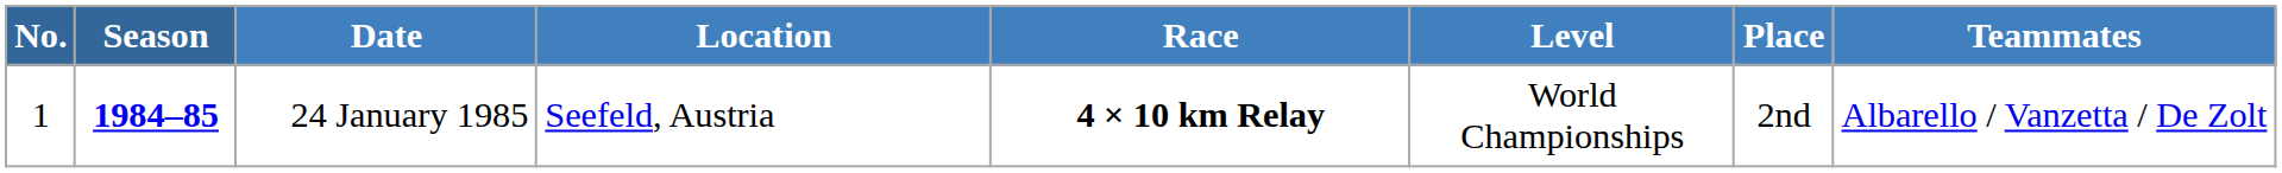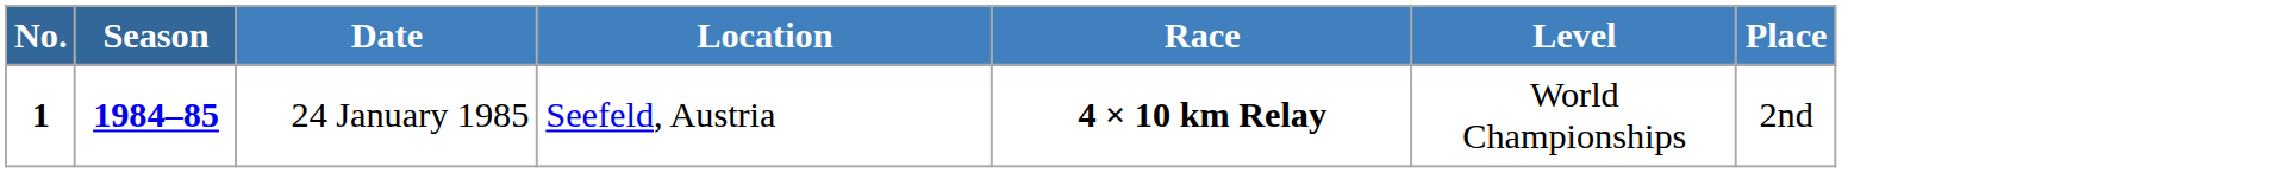 <table class="wikitable sortable" style="font-size:95%; text-align:center; border:grey solid 1px; border-collapse:collapse; background:#ffffff;">
 <tr style="background:#efefef;">
 <th style="background-color:#369; color:white;">No.</th>
 <th style="background-color:#369; color:white;">Season</th>
 <th style="background-color:#4180be; color:white; width:120px;">Date</th>
 <th style="background-color:#4180be; color:white; width:185px;">Location</th>
 <th style="background-color:#4180be; color:white; width:170px;">Race</th>
 <th style="background-color:#4180be; color:white; width:130px;">Level</th>
 <th style="background-color:#4180be; color:white;">Place</th>
-<th style="background-color:#4180be; color:white;">Teammates</th>
 </tr>
 <tr>
-<td align=center>1</td>
+<td align=center><strong>1</strong></td>
 <td rowspan=1 align=center><strong> <a href='#'>1984–85</a> </strong></td>
 <td align=right>24 January 1985</td>
 <td align=left> <a href='#'>Seefeld</a>, Austria</td>
 <td><strong>4 × 10 km Relay</strong></td>
 <td>World Championships</td>
 <td>2nd</td>
-<td><a href='#'>Albarello</a> / <a href='#'>Vanzetta</a> / <a href='#'>De Zolt</a></td>
 </tr>
 </table>
